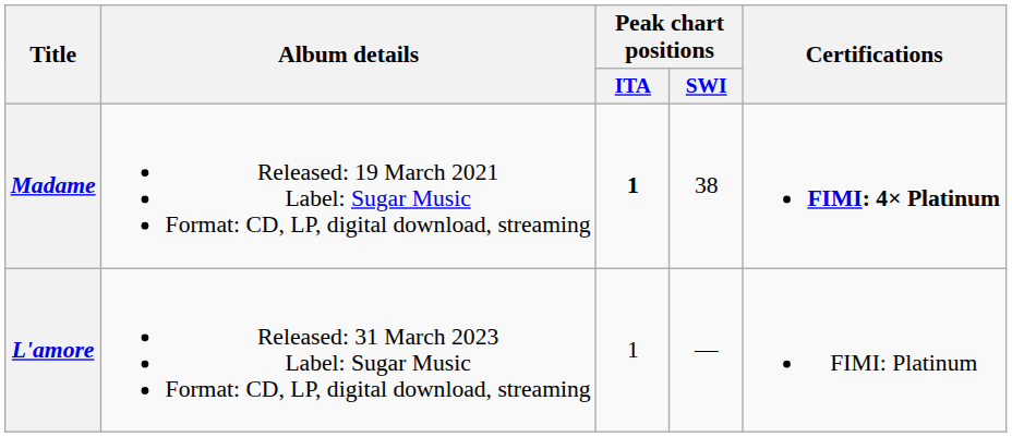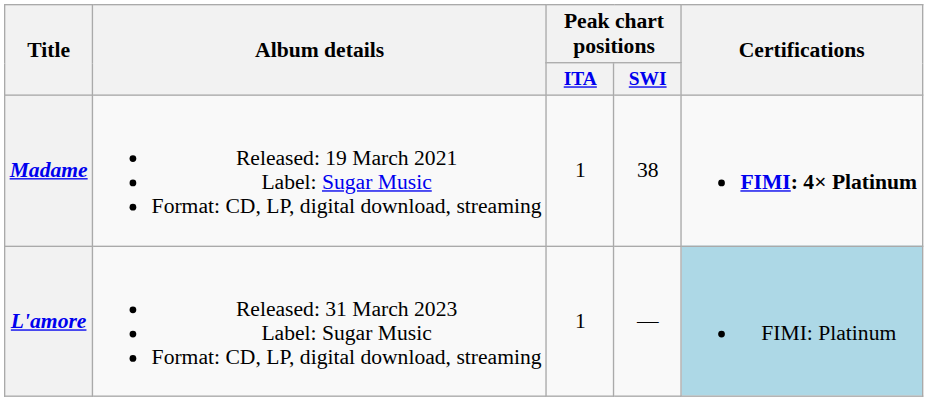 <table class="wikitable plainrowheaders" style="text-align:center;">
 <tr>
 <th scope="col" rowspan="2">Title</th>
 <th scope="col" rowspan="2">Album details</th>
 <th scope="col" colspan="2">Peak chart positions</th>
 <th scope="col" rowspan="2">Certifications</th>
 </tr>
 <tr>
 <th scope="col" style="width:3em;font-size:90%;"><a href='#'>ITA</a><br></th>
 <th scope="col" style="width:3em;font-size:90%;"><a href='#'>SWI</a><br></th>
 </tr>
 <tr>
 <th scope="row"><em><a href='#'>Madame</a></em></th>
 <td><br><ul><li>Released: 19 March 2021</li><li>Label: <a href='#'>Sugar Music</a></li><li>Format: CD, LP, digital download, streaming</li></ul></td>
-<td><strong>1</strong></td>
+<td>1</td>
 <td>38</td>
 <td><strong><br><ul><li><a href='#'>FIMI</a>: 4× Platinum</li></ul></strong></td>
 </tr>
 <tr>
 <th scope="row"><em><a href='#'>L'amore</a></em></th>
 <td><br><ul><li>Released: 31 March 2023</li><li>Label: Sugar Music</li><li>Format: CD, LP, digital download, streaming</li></ul></td>
 <td>1</td>
 <td>—</td>
-<td><br><ul><li>FIMI: Platinum</li></ul></td>
+<td style="background: lightblue;"><br><ul><li>FIMI: Platinum</li></ul></td>
 </tr>
 </table>
